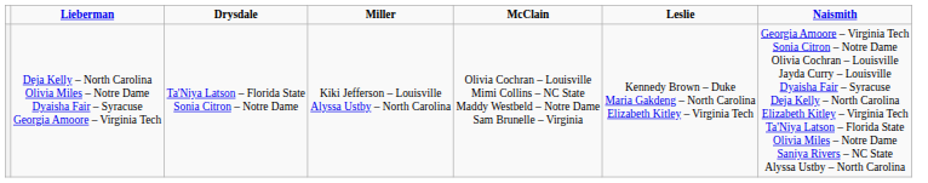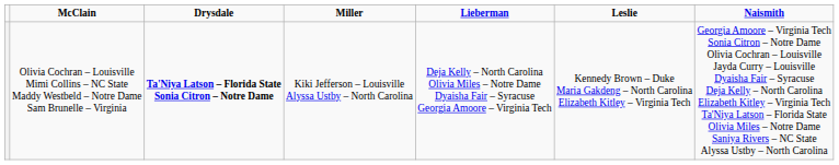 <table class="wikitable" style="white-space:nowrap; text-align:center; font-size:90%;">
 <tr>
 <td></td>
-<td><strong><a href='#'>Lieberman</a></strong></td>
+<td><strong>McClain</strong></td>
 <td><strong>Drysdale</strong></td>
 <td><strong>Miller</strong></td>
-<td><strong>McClain</strong></td>
+<td><strong><a href='#'>Lieberman</a></strong></td>
 <td><strong>Leslie</strong></td>
 <td><strong><a href='#'>Naismith</a></strong></td>
 </tr>
 <tr>
 <th></th>
+<td>Olivia Cochran – Louisville<br>Mimi Collins – NC State<br>Maddy Westbeld – Notre Dame<br>Sam Brunelle – Virginia</td>
+<td><strong><a href='#'>Ta'Niya Latson</a> – Florida State<br><a href='#'>Sonia Citron</a> – Notre Dame</strong></td>
+<td>Kiki Jefferson – Louisville<br><a href='#'>Alyssa Ustby</a> – North Carolina</td>
 <td><a href='#'>Deja Kelly</a> – North Carolina<br><a href='#'>Olivia Miles</a> – Notre Dame<br><a href='#'>Dyaisha Fair</a> – Syracuse<br><a href='#'>Georgia Amoore</a> – Virginia Tech</td>
-<td><a href='#'>Ta'Niya Latson</a> – Florida State<br><a href='#'>Sonia Citron</a> – Notre Dame</td>
-<td>Kiki Jefferson – Louisville<br><a href='#'>Alyssa Ustby</a> – North Carolina</td>
-<td>Olivia Cochran – Louisville<br>Mimi Collins – NC State<br>Maddy Westbeld – Notre Dame<br>Sam Brunelle – Virginia</td>
 <td>Kennedy Brown – Duke<br><a href='#'>Maria Gakdeng</a> – North Carolina<br><a href='#'>Elizabeth Kitley</a> – Virginia Tech</td>
 <td><a href='#'>Georgia Amoore</a> – Virginia Tech<br><a href='#'>Sonia Citron</a> – Notre Dame<br>Olivia Cochran – Louisville<br>Jayda Curry – Louisville<br><a href='#'>Dyaisha Fair</a> – Syracuse<br><a href='#'>Deja Kelly</a> – North Carolina<br><a href='#'>Elizabeth Kitley</a> – Virginia Tech<br><a href='#'>Ta'Niya Latson</a> – Florida State<br><a href='#'>Olivia Miles</a> – Notre Dame<br><a href='#'>Saniya Rivers</a> – NC State<br>Alyssa Ustby – North Carolina</td>
 </tr>
 </table>
